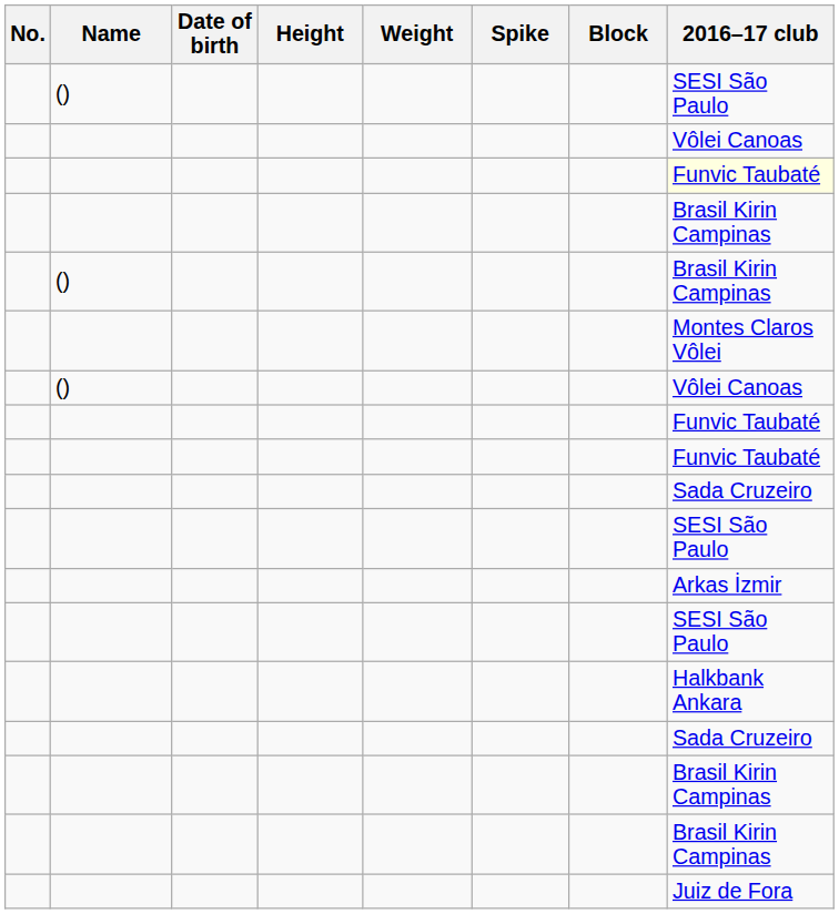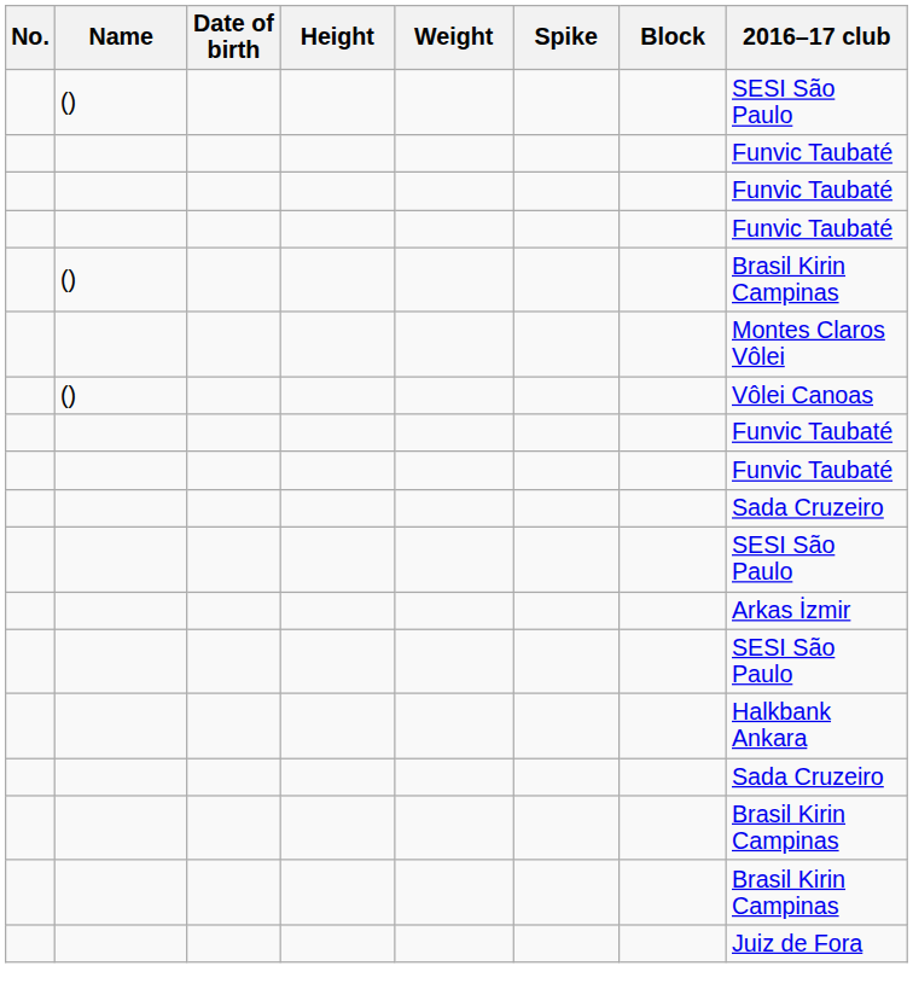 <table class="wikitable sortable" style="font-size:100%; text-align:center;">
 <tr>
 <th>No.</th>
 <th style="width:14em">Name</th>
 <th style="width:8em">Date of birth</th>
 <th style="width:9em">Height</th>
 <th style="width:9em">Weight</th>
 <th style="width:9em">Spike</th>
 <th style="width:9em">Block</th>
 <th style="width:17em">2016–17 club</th>
 </tr>
 <tr>
 <td></td>
 <td style="text-align:left;"> ()</td>
 <td style="text-align:right;"></td>
 <td></td>
 <td></td>
 <td></td>
 <td></td>
 <td style="text-align:left;"> <a href='#'>SESI São Paulo</a></td>
 </tr>
 <tr>
 <td></td>
 <td style="text-align:left;"></td>
 <td style="text-align:right;"></td>
 <td></td>
 <td></td>
 <td></td>
 <td></td>
-<td style="text-align:left;"> <a href='#'>Vôlei Canoas</a></td>
+<td style="text-align:left;"> <a href='#'>Funvic Taubaté</a></td>
 </tr>
 <tr>
 <td></td>
 <td style="text-align:left;"></td>
 <td style="text-align:right;"></td>
 <td></td>
 <td></td>
 <td></td>
 <td></td>
-<td style="background: lightyellow; text-align:left;"> <a href='#'>Funvic Taubaté</a></td>
+<td style="text-align:left;"> <a href='#'>Funvic Taubaté</a></td>
 </tr>
 <tr>
 <td></td>
 <td style="text-align:left;"></td>
 <td style="text-align:right;"></td>
 <td></td>
 <td></td>
 <td></td>
 <td></td>
-<td style="text-align:left;"> <a href='#'>Brasil Kirin Campinas</a></td>
+<td style="text-align:left;"> <a href='#'>Funvic Taubaté</a></td>
 </tr>
 <tr>
 <td></td>
 <td style="text-align:left;"> ()</td>
 <td style="text-align:right;"></td>
 <td></td>
 <td></td>
 <td></td>
 <td></td>
 <td style="text-align:left;"> <a href='#'>Brasil Kirin Campinas</a></td>
 </tr>
 <tr>
 <td></td>
 <td style="text-align:left;"></td>
 <td style="text-align:right;"></td>
 <td></td>
 <td></td>
 <td></td>
 <td></td>
 <td style="text-align:left;"> <a href='#'>Montes Claros Vôlei</a></td>
 </tr>
 <tr>
 <td></td>
 <td style="text-align:left;"> ()</td>
 <td style="text-align:right;"></td>
 <td></td>
 <td></td>
 <td></td>
 <td></td>
 <td style="text-align:left;"> <a href='#'>Vôlei Canoas</a></td>
 </tr>
 <tr>
 <td></td>
 <td style="text-align:left;"></td>
 <td style="text-align:right;"></td>
 <td></td>
 <td></td>
 <td></td>
 <td></td>
 <td style="text-align:left;"> <a href='#'>Funvic Taubaté</a></td>
 </tr>
 <tr>
 <td></td>
 <td style="text-align:left;"></td>
 <td style="text-align:right;"></td>
 <td></td>
 <td></td>
 <td></td>
 <td></td>
 <td style="text-align:left;"> <a href='#'>Funvic Taubaté</a></td>
 </tr>
 <tr>
 <td></td>
 <td style="text-align:left;"></td>
 <td style="text-align:right;"></td>
 <td></td>
 <td></td>
 <td></td>
 <td></td>
 <td style="text-align:left;"> <a href='#'>Sada Cruzeiro</a></td>
 </tr>
 <tr>
 <td></td>
 <td style="text-align:left;"></td>
 <td style="text-align:right;"></td>
 <td></td>
 <td></td>
 <td></td>
 <td></td>
 <td style="text-align:left;"> <a href='#'>SESI São Paulo</a></td>
 </tr>
 <tr>
 <td></td>
 <td style="text-align:left;"></td>
 <td style="text-align:right;"></td>
 <td></td>
 <td></td>
 <td></td>
 <td></td>
 <td style="text-align:left;"> <a href='#'>Arkas İzmir</a></td>
 </tr>
 <tr>
 <td></td>
 <td style="text-align:left;"></td>
 <td style="text-align:right;"></td>
 <td></td>
 <td></td>
 <td></td>
 <td></td>
 <td style="text-align:left;"> <a href='#'>SESI São Paulo</a></td>
 </tr>
 <tr>
 <td></td>
 <td style="text-align:left;"></td>
 <td style="text-align:right;"></td>
 <td></td>
 <td></td>
 <td></td>
 <td></td>
 <td style="text-align:left;"> <a href='#'>Halkbank Ankara</a></td>
 </tr>
 <tr>
 <td></td>
 <td style="text-align:left;"></td>
 <td style="text-align:right;"></td>
 <td></td>
 <td></td>
 <td></td>
 <td></td>
 <td style="text-align:left;"> <a href='#'>Sada Cruzeiro</a></td>
 </tr>
 <tr>
 <td></td>
 <td style="text-align:left;"></td>
 <td style="text-align:right;"></td>
 <td></td>
 <td></td>
 <td></td>
 <td></td>
 <td style="text-align:left;"> <a href='#'>Brasil Kirin Campinas</a></td>
 </tr>
 <tr>
 <td></td>
 <td style="text-align:left;"></td>
 <td style="text-align:right;"></td>
 <td></td>
 <td></td>
 <td></td>
 <td></td>
 <td style="text-align:left;"> <a href='#'>Brasil Kirin Campinas</a></td>
 </tr>
 <tr>
 <td></td>
 <td style="text-align:left;"></td>
 <td style="text-align:right;"></td>
 <td></td>
 <td></td>
 <td></td>
 <td></td>
 <td style="text-align:left;"> <a href='#'>Juiz de Fora</a></td>
 </tr>
 </table>
